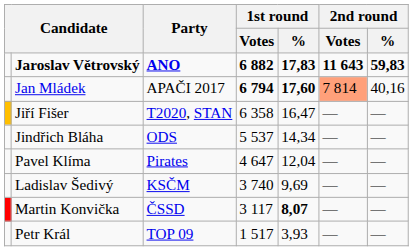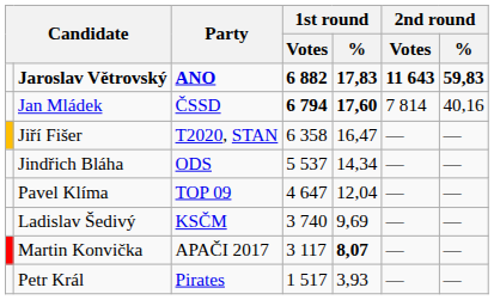 <table class="wikitable sortable">
 <tr>
 <th colspan="2" rowspan="2">Candidate</th>
 <th rowspan="2">Party</th>
 <th colspan="2">1st round</th>
 <th colspan="2">2nd round</th>
 </tr>
 <tr>
 <th>Votes</th>
 <th>%</th>
 <th>Votes</th>
 <th>%</th>
 </tr>
 <tr>
 <td style="background-color:"></td>
 <td><strong>Jaroslav Větrovský</strong></td>
 <td><strong><a href='#'>ANO</a></strong></td>
 <td><strong>6 882</strong></td>
 <td><strong>17,83</strong></td>
 <td><strong>11 643</strong></td>
 <td><strong>59,83</strong></td>
 </tr>
 <tr>
 <td style="background-color:"></td>
 <td><a href='#'>Jan Mládek</a></td>
-<td>APAČI 2017</td>
+<td><a href='#'>ČSSD</a></td>
 <td><strong>6 794</strong></td>
 <td><strong>17,60</strong></td>
-<td style="background: lightsalmon;">7 814</td>
+<td>7 814</td>
 <td>40,16</td>
 </tr>
 <tr>
 <td style="background-color:#ffbf00;"></td>
 <td>Jiří Fišer</td>
 <td><a href='#'>T2020</a>, <a href='#'>STAN</a></td>
 <td>6 358</td>
 <td>16,47</td>
 <td>—</td>
 <td>—</td>
 </tr>
 <tr>
 <td style="background-color:"></td>
 <td>Jindřich Bláha</td>
 <td><a href='#'>ODS</a></td>
 <td>5 537</td>
 <td>14,34</td>
 <td>—</td>
 <td>—</td>
 </tr>
 <tr>
 <td style="background-color:"></td>
 <td>Pavel Klíma</td>
-<td><a href='#'>Pirates</a></td>
+<td><a href='#'>TOP 09</a></td>
 <td>4 647</td>
 <td>12,04</td>
 <td>—</td>
 <td>—</td>
 </tr>
 <tr>
 <td style="background-color:"></td>
 <td>Ladislav Šedivý</td>
 <td><a href='#'>KSČM</a></td>
 <td>3 740</td>
 <td>9,69</td>
 <td>—</td>
 <td>—</td>
 </tr>
 <tr>
 <td style="background-color:red;"></td>
 <td>Martin Konvička</td>
-<td><a href='#'>ČSSD</a></td>
+<td>APAČI 2017</td>
 <td>3 117</td>
 <td><strong>8,07</strong></td>
 <td>—</td>
 <td>—</td>
 </tr>
 <tr>
 <td style="background-color:"></td>
 <td>Petr Král</td>
-<td><a href='#'>TOP 09</a></td>
+<td><a href='#'>Pirates</a></td>
 <td>1 517</td>
 <td>3,93</td>
 <td>—</td>
 <td>—</td>
 </tr>
 </table>
